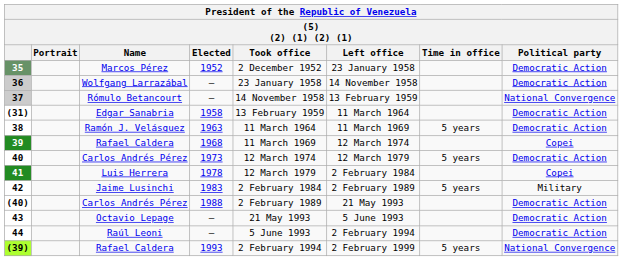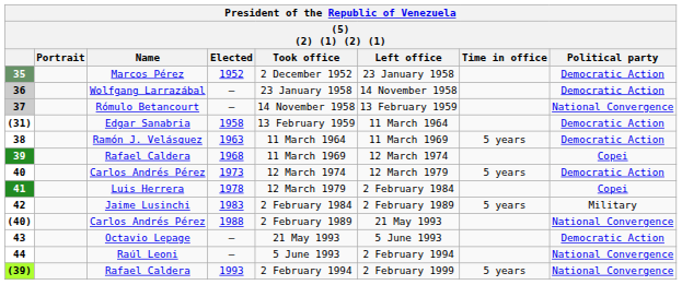 <table class="wikitable" style="text-align:center;">
 <tr>
 <th colspan="8"> President of the <a href='#'>Republic of Venezuela</a> </th>
 </tr>
 <tr>
 <th colspan="8">(5)<br>(2) (1) (2) (1)</th>
 </tr>
 <tr>
 <th><br></th>
 <th>Portrait</th>
 <th>Name<br></th>
 <th>Elected</th>
 <th>Took office</th>
 <th>Left office</th>
 <th>Time in office</th>
 <th>Political party</th>
 </tr>
 <tr>
 <th style="background:#679267; color:white;">35</th>
 <td></td>
 <td><a href='#'>Marcos Pérez</a><br></td>
 <td><a href='#'>1952</a></td>
 <td>2 December 1952</td>
 <td>23 January 1958</td>
 <td></td>
 <td><a href='#'>Democratic Action</a></td>
 </tr>
 <tr>
 <th style="background:#ccc; color:black;">36</th>
 <td></td>
 <td><a href='#'>Wolfgang Larrazábal</a><br></td>
 <td>—</td>
 <td>23 January 1958</td>
 <td>14 November 1958</td>
 <td></td>
 <td><a href='#'>Democratic Action</a></td>
 </tr>
 <tr>
 <th style="background:#ccc; color:black;">37</th>
 <td></td>
 <td><a href='#'>Rómulo Betancourt</a><br></td>
 <td>—</td>
 <td>14 November 1958</td>
 <td>13 February 1959</td>
 <td></td>
 <td><a href='#'>National Convergence</a></td>
 </tr>
 <tr>
 <th style="background:#fff; color:black;">(31)</th>
 <td></td>
 <td><a href='#'>Edgar Sanabria</a><br></td>
 <td><a href='#'>1958</a></td>
 <td>13 February 1959</td>
 <td>11 March 1964</td>
 <td></td>
 <td><a href='#'>Democratic Action</a></td>
 </tr>
 <tr>
 <th style="background:#fff; color:black;">38</th>
 <td></td>
 <td><a href='#'>Ramón J. Velásquez</a><br></td>
 <td><a href='#'>1963</a></td>
 <td>11 March 1964</td>
 <td>11 March 1969</td>
 <td>5 years</td>
 <td><a href='#'>Democratic Action</a></td>
 </tr>
 <tr>
 <th style="background:#228b22; color:white;">39</th>
 <td></td>
 <td><a href='#'>Rafael Caldera</a><br></td>
 <td><a href='#'>1968</a></td>
 <td>11 March 1969</td>
 <td>12 March 1974</td>
 <td></td>
 <td><a href='#'>Copei</a></td>
 </tr>
 <tr>
 <th style="background:#fff; color:black;">40</th>
 <td></td>
 <td><a href='#'>Carlos Andrés Pérez</a><br></td>
 <td><a href='#'>1973</a></td>
 <td>12 March 1974</td>
 <td>12 March 1979</td>
 <td>5 years</td>
 <td><a href='#'>Democratic Action</a></td>
 </tr>
 <tr>
 <th style="background:#228b22; color:white;">41</th>
 <td></td>
 <td><a href='#'>Luis Herrera</a><br></td>
 <td><a href='#'>1978</a></td>
 <td>12 March 1979</td>
 <td>2 February 1984</td>
 <td></td>
 <td><a href='#'>Copei</a></td>
 </tr>
 <tr>
 <th style="background:#fff; color:black;">42</th>
 <td></td>
 <td><a href='#'>Jaime Lusinchi</a><br></td>
 <td><a href='#'>1983</a></td>
 <td>2 February 1984</td>
 <td>2 February 1989</td>
 <td>5 years</td>
 <td>Military</td>
 </tr>
 <tr>
 <th style="background:#fff; color:black;">(40)</th>
 <td></td>
 <td><a href='#'>Carlos Andrés Pérez</a><br></td>
 <td><a href='#'>1988</a></td>
 <td>2 February 1989</td>
 <td>21 May 1993</td>
 <td></td>
-<td><a href='#'>Democratic Action</a></td>
+<td><a href='#'>National Convergence</a></td>
 </tr>
 <tr>
 <th style="background:#fff; color:black;">43</th>
 <td></td>
 <td><a href='#'>Octavio Lepage</a><br></td>
 <td>—</td>
 <td>21 May 1993</td>
 <td>5 June 1993</td>
 <td></td>
 <td><a href='#'>Democratic Action</a></td>
 </tr>
 <tr>
 <th style="background:#fff; color:black;">44</th>
 <td></td>
 <td><a href='#'>Raúl Leoni</a><br></td>
 <td>—</td>
 <td>5 June 1993</td>
 <td>2 February 1994</td>
 <td></td>
-<td><a href='#'>Democratic Action</a></td>
+<td><a href='#'>National Convergence</a></td>
 </tr>
 <tr>
 <th style="background:#adff2f; color:black;">(39)</th>
 <td></td>
 <td><a href='#'>Rafael Caldera</a><br></td>
 <td><a href='#'>1993</a></td>
 <td>2 February 1994</td>
 <td>2 February 1999</td>
 <td>5 years</td>
 <td><a href='#'>National Convergence</a></td>
 </tr>
 </table>
